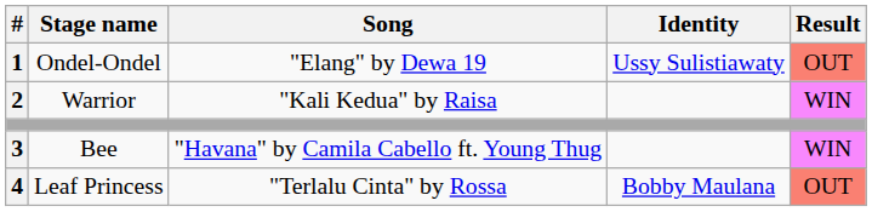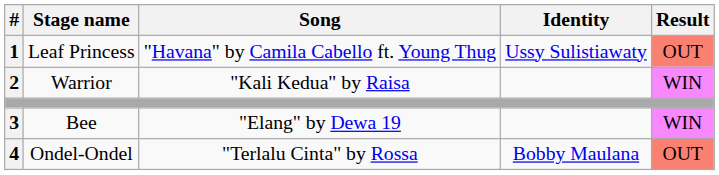 <table class="wikitable plainrowheaders" style="text-align: center;">
 <tr>
 <th>#</th>
 <th>Stage name</th>
 <th>Song</th>
 <th>Identity</th>
 <th>Result</th>
 </tr>
 <tr>
 <th>1</th>
-<td>Ondel-Ondel</td>
-<td>"Elang" by <a href='#'>Dewa 19</a></td>
+<td>Leaf Princess</td>
+<td>"<a href='#'>Havana</a>" by <a href='#'>Camila Cabello</a> ft. <a href='#'>Young Thug</a></td>
 <td><a href='#'>Ussy Sulistiawaty</a></td>
 <td bgcolor="salmon">OUT</td>
 </tr>
 <tr>
 <th>2</th>
 <td>Warrior</td>
 <td>"Kali Kedua" by <a href='#'>Raisa</a></td>
 <td></td>
 <td bgcolor="F888FD">WIN</td>
 </tr>
 <tr>
 <th colspan="5" style="background:darkgrey"></th>
 </tr>
 <tr>
 <th>3</th>
 <td>Bee</td>
-<td>"<a href='#'>Havana</a>" by <a href='#'>Camila Cabello</a> ft. <a href='#'>Young Thug</a></td>
+<td>"Elang" by <a href='#'>Dewa 19</a></td>
 <td></td>
 <td bgcolor="F888FD">WIN</td>
 </tr>
 <tr>
 <th>4</th>
-<td>Leaf Princess</td>
+<td>Ondel-Ondel</td>
 <td>"Terlalu Cinta" by <a href='#'>Rossa</a></td>
 <td><a href='#'>Bobby Maulana</a></td>
 <td bgcolor="salmon">OUT</td>
 </tr>
 </table>
